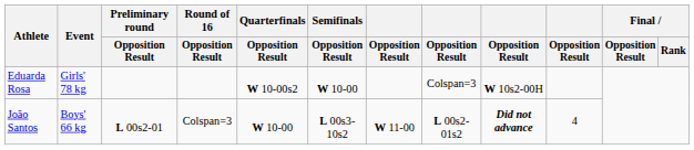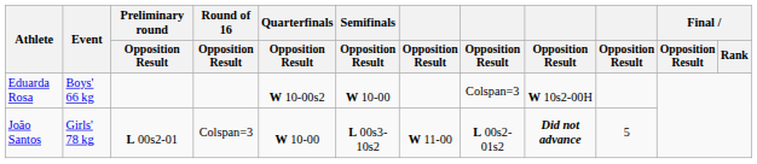 <table class="wikitable" style="font-size:90%">
 <tr>
 <th rowspan=2>Athlete</th>
 <th rowspan=2>Event</th>
 <th>Preliminary round</th>
 <th>Round of 16</th>
 <th>Quarterfinals</th>
 <th>Semifinals</th>
 <th></th>
 <th></th>
 <th></th>
 <th></th>
 <th colspan=2>Final / </th>
 </tr>
 <tr style="font-size:95%">
 <th>Opposition<br>Result</th>
 <th>Opposition<br>Result</th>
 <th>Opposition<br>Result</th>
 <th>Opposition<br>Result</th>
 <th>Opposition<br>Result</th>
 <th>Opposition<br>Result</th>
 <th>Opposition<br>Result</th>
 <th>Opposition<br>Result</th>
 <th>Opposition<br>Result</th>
 <th>Rank</th>
 </tr>
 <tr align=center>
 <td align=left><a href='#'>Eduarda Rosa</a></td>
-<td align=left><a href='#'>Girls' 78 kg</a></td>
+<td align=left><a href='#'>Boys' 66 kg</a></td>
 <td></td>
 <td></td>
 <td><br> <strong>W</strong> 10-00s2</td>
 <td><br> <strong>W</strong> 10-00</td>
 <td></td>
 <td>Colspan=3 </td>
 <td><br> <strong>W</strong> 10s2-00H</td>
 <td></td>
 </tr>
 <tr align=center>
 <td align=left><a href='#'>João Santos</a></td>
-<td align=left><a href='#'>Boys' 66 kg</a></td>
+<td align=left><a href='#'>Girls' 78 kg</a></td>
 <td><br> <strong>L</strong> 00s2-01</td>
 <td>Colspan=3 </td>
 <td><br> <strong>W</strong> 10-00</td>
 <td><br> <strong>L</strong> 00s3-10s2</td>
 <td><br> <strong>W</strong> 11-00</td>
 <td><br> <strong>L</strong> 00s2-01s2</td>
 <td><strong><em>Did not advance</em></strong></td>
-<td>4</td>
+<td>5</td>
 </tr>
 </table>
